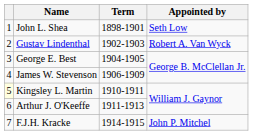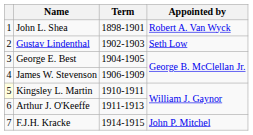 <table class="wikitable">
 <tr>
 <th></th>
 <th>Name</th>
 <th>Term</th>
 <th>Appointed by</th>
 </tr>
 <tr>
 <td>1</td>
 <td>John L. Shea</td>
 <td>1898-1901</td>
-<td><a href='#'>Seth Low</a></td>
+<td><a href='#'>Robert A. Van Wyck</a></td>
 </tr>
 <tr>
 <td>2</td>
 <td><a href='#'>Gustav Lindenthal</a></td>
 <td>1902-1903</td>
-<td><a href='#'>Robert A. Van Wyck</a></td>
+<td><a href='#'>Seth Low</a></td>
 </tr>
 <tr>
 <td>3</td>
 <td>George E. Best</td>
 <td>1904-1905</td>
 <td rowspan="2"><a href='#'>George B. McClellan Jr.</a></td>
 </tr>
 <tr>
 <td>4</td>
 <td>James W. Stevenson</td>
 <td>1906-1909</td>
 </tr>
 <tr>
 <td style="background: lightyellow;">5</td>
 <td>Kingsley L. Martin</td>
 <td>1910-1911</td>
 <td rowspan="2"><a href='#'>William J. Gaynor</a></td>
 </tr>
 <tr>
 <td>6</td>
 <td>Arthur J. O'Keeffe</td>
 <td>1911-1913</td>
 </tr>
 <tr>
 <td>7</td>
 <td>F.J.H. Kracke</td>
 <td>1914-1915</td>
 <td><a href='#'>John P. Mitchel</a></td>
 </tr>
 </table>
